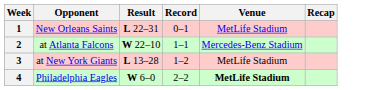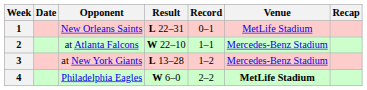 <table class="wikitable" style="text-align:center">
 <tr>
 <th>Week</th>
+<th>Date</th>
 <th>Opponent</th>
 <th>Result</th>
 <th>Record</th>
 <th>Venue</th>
 <th>Recap</th>
 </tr>
 <tr style="background:#fcc">
 <th>1</th>
+<td></td>
 <td><a href='#'>New Orleans Saints</a></td>
 <td><strong>L</strong> 22–31</td>
 <td>0–1</td>
 <td><a href='#'>MetLife Stadium</a></td>
 <td></td>
 </tr>
 <tr style="background:#cfc">
 <th>2</th>
+<td></td>
 <td>at <a href='#'>Atlanta Falcons</a></td>
 <td><strong>W</strong> 22–10</td>
 <td>1–1</td>
 <td><a href='#'>Mercedes-Benz Stadium</a></td>
 <td></td>
 </tr>
 <tr style="background:#fcc">
 <th>3</th>
+<td></td>
 <td>at <a href='#'>New York Giants</a></td>
 <td><strong>L</strong> 13–28</td>
 <td>1–2</td>
-<td>MetLife Stadium</td>
+<td><a href='#'>Mercedes-Benz Stadium</a></td>
 <td></td>
 </tr>
 <tr style="background:#cfc">
 <th>4</th>
+<td></td>
 <td><a href='#'>Philadelphia Eagles</a></td>
 <td><strong>W</strong> 6–0</td>
 <td>2–2</td>
 <td><strong>MetLife Stadium</strong></td>
 <td></td>
 </tr>
 </table>
